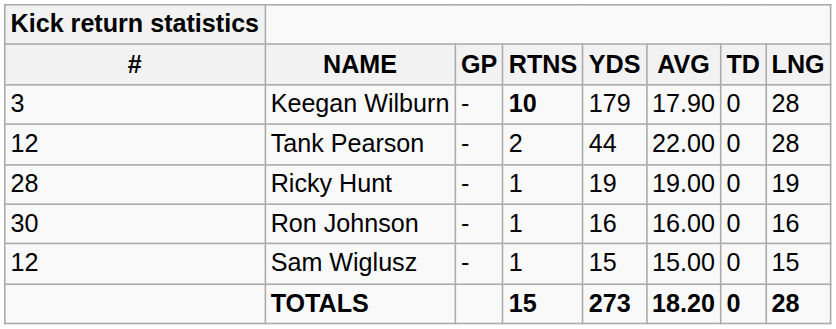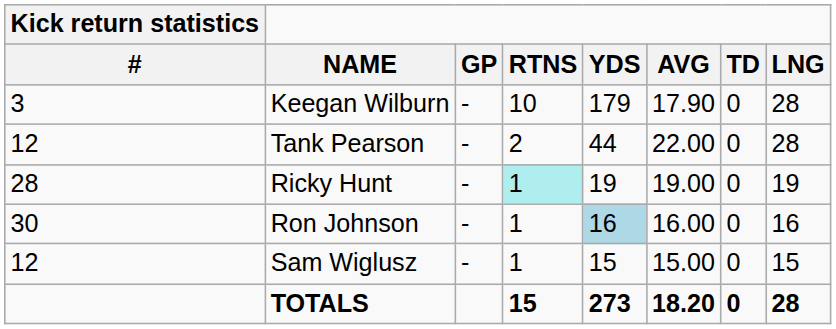 <table class="wikitable collapsible">
 <tr>
 <th style="text-align:center; ">Kick return statistics</th>
 </tr>
 <tr>
 <th>#</th>
 <th>NAME</th>
 <th>GP</th>
 <th>RTNS</th>
 <th>YDS</th>
 <th>AVG</th>
 <th>TD</th>
 <th>LNG</th>
 </tr>
 <tr>
 <td>3</td>
 <td>Keegan Wilburn</td>
 <td>-</td>
-<td><strong>10</strong></td>
+<td>10</td>
 <td>179</td>
 <td>17.90</td>
 <td>0</td>
 <td>28</td>
 </tr>
 <tr>
 <td>12</td>
 <td>Tank Pearson</td>
 <td>-</td>
 <td>2</td>
 <td>44</td>
 <td>22.00</td>
 <td>0</td>
 <td>28</td>
 </tr>
 <tr>
 <td>28</td>
 <td>Ricky Hunt</td>
 <td>-</td>
-<td>1</td>
+<td style="background: paleturquoise;">1</td>
 <td>19</td>
 <td>19.00</td>
 <td>0</td>
 <td>19</td>
 </tr>
 <tr>
 <td>30</td>
 <td>Ron Johnson</td>
 <td>-</td>
 <td>1</td>
-<td>16</td>
+<td style="background: lightblue;">16</td>
 <td>16.00</td>
 <td>0</td>
 <td>16</td>
 </tr>
 <tr>
 <td>12</td>
 <td>Sam Wiglusz</td>
 <td>-</td>
 <td>1</td>
 <td>15</td>
 <td>15.00</td>
 <td>0</td>
 <td>15</td>
 </tr>
 <tr>
 <td></td>
 <td><strong>TOTALS</strong></td>
 <td></td>
 <td><strong>15</strong></td>
 <td><strong>273</strong></td>
 <td><strong>18.20</strong></td>
 <td><strong>0</strong></td>
 <td><strong>28</strong></td>
 </tr>
 </table>
